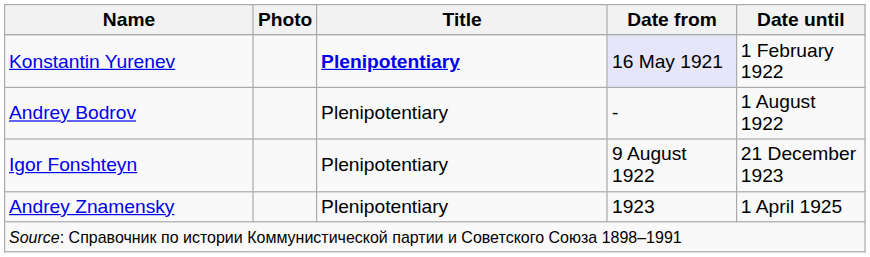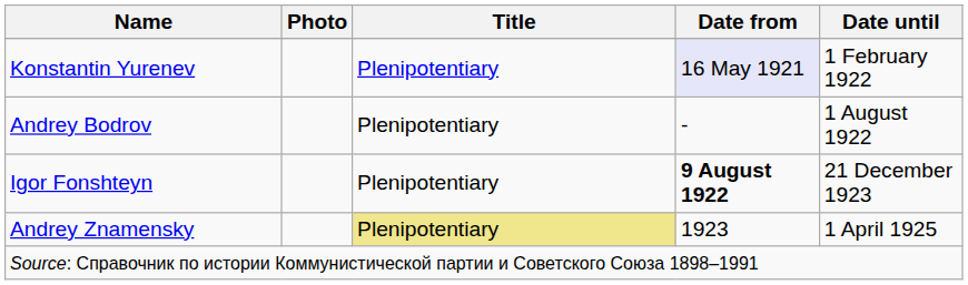 <table class="wikitable">
 <tr valign="middle">
 <th width=200>Name</th>
 <th>Photo</th>
 <th width=235>Title</th>
 <th width=100>Date from</th>
 <th width=100>Date until</th>
 </tr>
 <tr style="font-weight:bold; background-color: #DDDDDD">
 </tr>
 <tr>
 <td><a href='#'>Konstantin Yurenev</a></td>
 <td></td>
-<td><strong><a href='#'>Plenipotentiary</a></strong></td>
+<td><a href='#'>Plenipotentiary</a></td>
 <td style="background: lavender;">16 May 1921</td>
 <td>1 February 1922</td>
 </tr>
 <tr>
 <td><a href='#'>Andrey Bodrov</a></td>
 <td></td>
 <td>Plenipotentiary</td>
 <td>-</td>
 <td>1 August 1922</td>
 </tr>
 <tr>
 <td><a href='#'>Igor Fonshteyn</a></td>
 <td></td>
 <td>Plenipotentiary</td>
-<td>9 August 1922</td>
+<td><strong>9 August 1922</strong></td>
 <td>21 December 1923</td>
 </tr>
 <tr>
 <td><a href='#'>Andrey Znamensky</a></td>
 <td></td>
-<td>Plenipotentiary</td>
+<td style="background: khaki;">Plenipotentiary</td>
 <td>1923</td>
 <td>1 April 1925</td>
 </tr>
 <tr>
 <td colspan=5><small><em>Source</em>: Справочник по истории Коммунистической партии и Советского Союза 1898–1991</small></td>
 </tr>
 </table>
